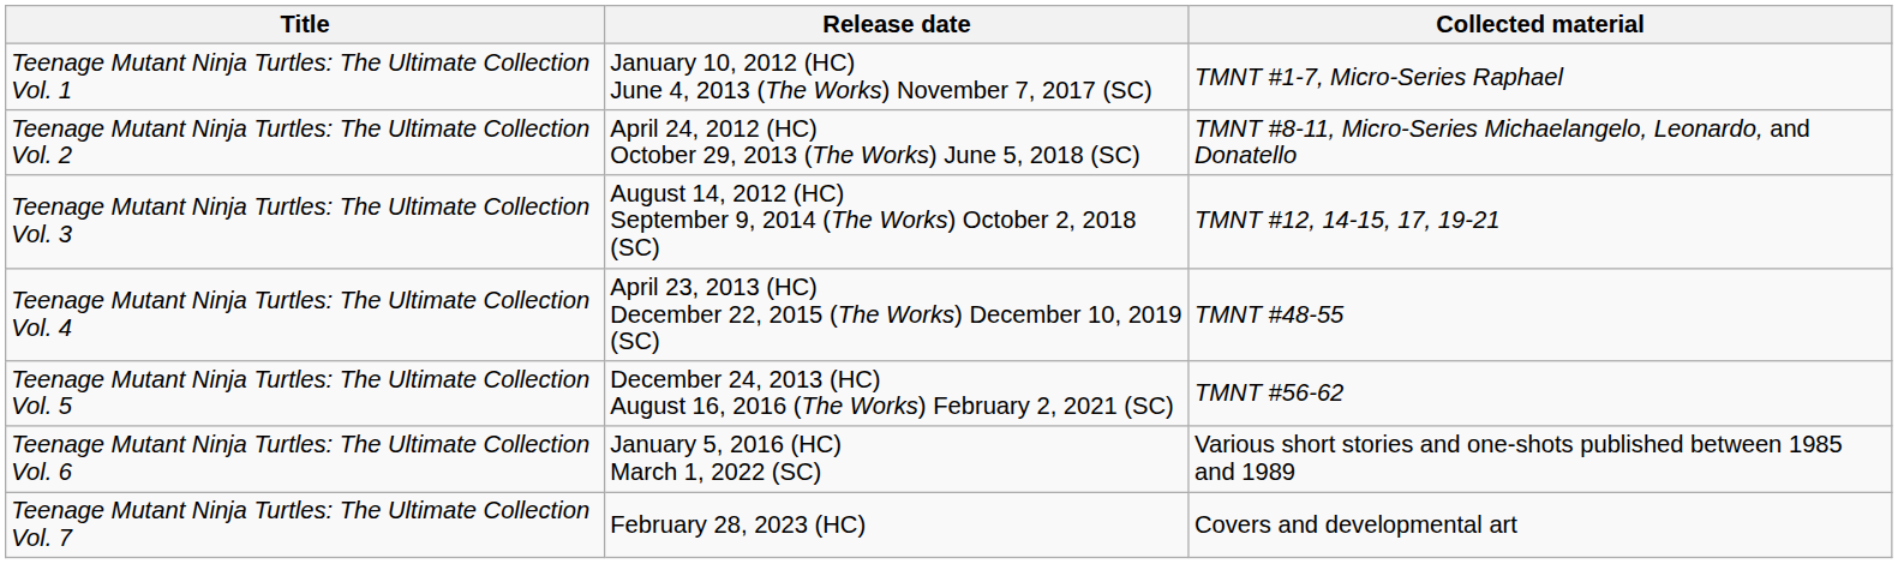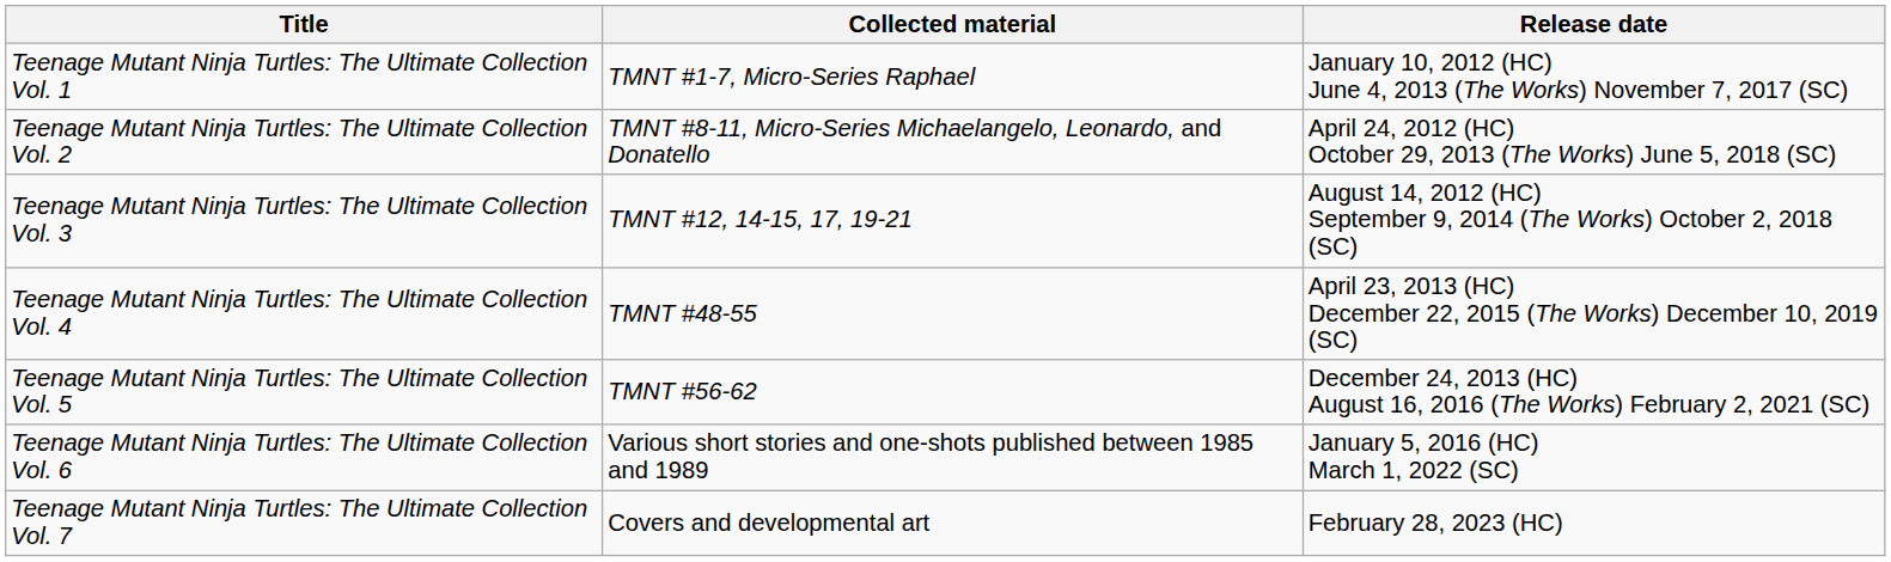 <table class="wikitable">
 <tr>
 <th>Title</th>
+<th>Collected material</th>
 <th>Release date</th>
-<th>Collected material</th>
 </tr>
 <tr>
 <td><em>Teenage Mutant Ninja Turtles: The Ultimate Collection Vol. 1</em></td>
+<td><em>TMNT #1-7, Micro-Series Raphael</em></td>
 <td>January 10, 2012 (HC)<br>June 4, 2013 (<em>The Works</em>) November 7, 2017 (SC)</td>
-<td><em>TMNT #1-7, Micro-Series Raphael</em></td>
 </tr>
 <tr>
 <td><em>Teenage Mutant Ninja Turtles: The Ultimate Collection Vol. 2</em></td>
+<td><em>TMNT #8-11, Micro-Series Michaelangelo, Leonardo,</em> and <em>Donatello</em></td>
 <td>April 24, 2012 (HC)<br>October 29, 2013 (<em>The Works</em>) June 5, 2018 (SC)</td>
-<td><em>TMNT #8-11, Micro-Series Michaelangelo, Leonardo,</em> and <em>Donatello</em></td>
 </tr>
 <tr>
 <td><em>Teenage Mutant Ninja Turtles: The Ultimate Collection Vol. 3</em></td>
+<td><em>TMNT #12, 14-15, 17, 19-21</em></td>
 <td>August 14, 2012 (HC)<br>September 9, 2014 (<em>The Works</em>) October 2, 2018 (SC)</td>
-<td><em>TMNT #12, 14-15, 17, 19-21</em></td>
 </tr>
 <tr>
 <td><em>Teenage Mutant Ninja Turtles: The Ultimate Collection Vol. 4</em></td>
+<td><em>TMNT #48-55</em></td>
 <td>April 23, 2013 (HC)<br>December 22, 2015 (<em>The Works</em>) December 10, 2019 (SC)</td>
-<td><em>TMNT #48-55</em></td>
 </tr>
 <tr>
 <td><em>Teenage Mutant Ninja Turtles: The Ultimate Collection Vol. 5</em></td>
+<td><em>TMNT #56-62</em></td>
 <td>December 24, 2013 (HC)<br>August 16, 2016 (<em>The Works</em>) February 2, 2021 (SC)</td>
-<td><em>TMNT #56-62</em></td>
 </tr>
 <tr>
 <td><em>Teenage Mutant Ninja Turtles: The Ultimate Collection Vol. 6</em></td>
+<td>Various short stories and one-shots published between 1985 and 1989</td>
 <td>January 5, 2016 (HC)<br>March 1, 2022 (SC)</td>
-<td>Various short stories and one-shots published between 1985 and 1989</td>
 </tr>
 <tr>
 <td><em>Teenage Mutant Ninja Turtles: The Ultimate Collection Vol. 7</em></td>
+<td>Covers and developmental art</td>
 <td>February 28, 2023 (HC)</td>
-<td>Covers and developmental art</td>
 </tr>
 </table>
